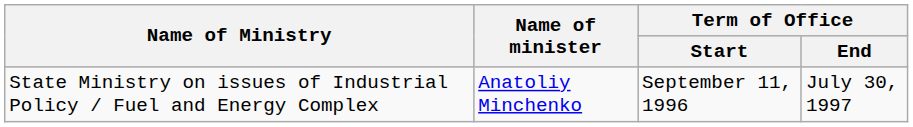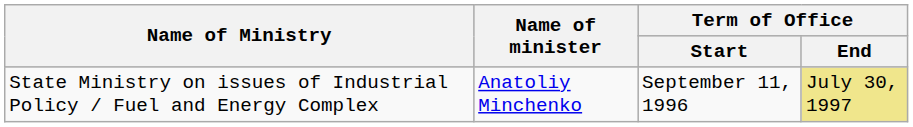 <table class="wikitable">
 <tr>
 <th rowspan="2">Name of Ministry</th>
 <th rowspan="2">Name of minister</th>
 <th colspan="2">Term of Office</th>
 </tr>
 <tr>
 <th>Start</th>
 <th>End</th>
 </tr>
 <tr>
 <td rowspan="1">State Ministry on issues of Industrial Policy / Fuel and Energy Complex</td>
 <td><a href='#'>Anatoliy Minchenko</a></td>
 <td>September 11, 1996</td>
-<td>July 30, 1997</td>
+<td style="background: khaki;">July 30, 1997</td>
 </tr>
 </table>
